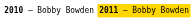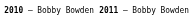 <table cellpadding="3" style="font-size:.9em">
 <tr>
 </tr>
 <tr>
 </tr>
 <tr style="vertical-align:top;">
 <td><strong>2010</strong> – Bobby Bowden</td>
-<td style="background: gold;"><strong>2011</strong> – Bobby Bowden</td>
+<td><strong>2011</strong> – Bobby Bowden</td>
 </tr>
 </table>
